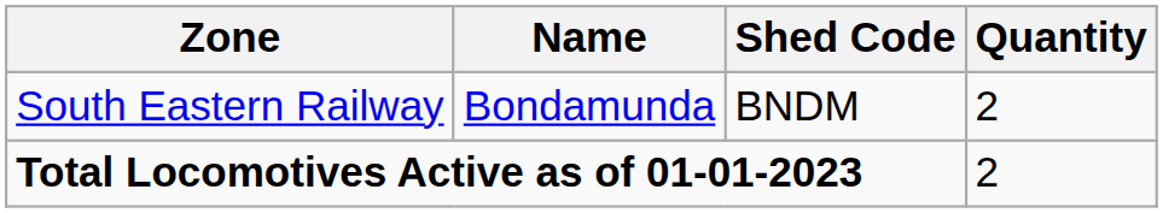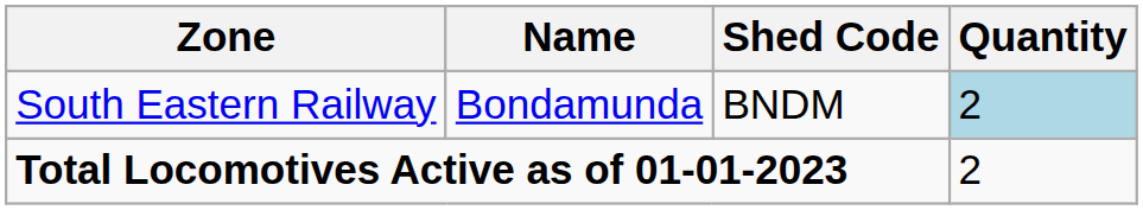 <table class="wikitable">
 <tr>
 <th>Zone</th>
 <th>Name</th>
 <th>Shed Code</th>
 <th>Quantity</th>
 </tr>
 <tr>
 <td><a href='#'>South Eastern Railway</a></td>
 <td><a href='#'>Bondamunda</a></td>
 <td>BNDM</td>
-<td>2</td>
+<td style="background: lightblue;">2</td>
 </tr>
 <tr>
 <td colspan="3"><strong>Total Locomotives Active as of 01-01-2023</strong></td>
 <td>2</td>
 </tr>
 </table>
